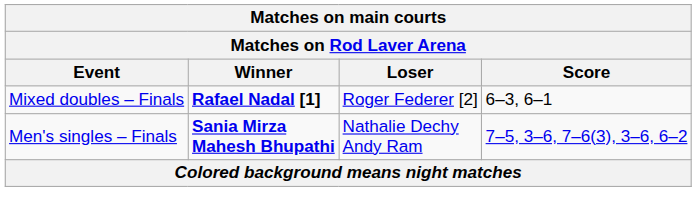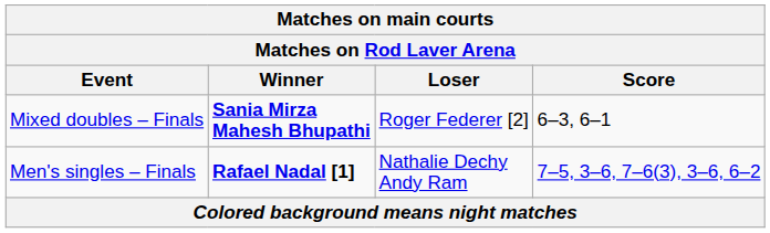 <table class="wikitable collapsible uncollapsed" style="margin:auto;">
 <tr>
 <th colspan=4 style="white-space:nowrap;">Matches on main courts</th>
 </tr>
 <tr>
 <th colspan=4><strong>Matches on <a href='#'>Rod Laver Arena</a></strong></th>
 </tr>
 <tr>
 <th>Event</th>
 <th>Winner</th>
 <th>Loser</th>
 <th>Score</th>
 </tr>
 <tr align=left>
 <td><a href='#'>Mixed doubles – Finals</a></td>
-<td> <strong><a href='#'>Rafael Nadal</a> [1]</strong></td>
+<td> <strong><a href='#'>Sania Mirza</a> <br>  <a href='#'>Mahesh Bhupathi</a></strong></td>
 <td> <a href='#'>Roger Federer</a> [2]</td>
 <td>6–3, 6–1</td>
 </tr>
 <tr align=left>
 <td><a href='#'>Men's singles – Finals</a></td>
-<td> <strong><a href='#'>Sania Mirza</a> <br>  <a href='#'>Mahesh Bhupathi</a></strong></td>
+<td> <strong><a href='#'>Rafael Nadal</a> [1]</strong></td>
 <td> <a href='#'>Nathalie Dechy</a> <br>  <a href='#'>Andy Ram</a></td>
 <td><a href='#'>7–5, 3–6, 7–6(3), 3–6, 6–2</a></td>
 </tr>
 <tr>
 <th colspan=4><em>Colored background means night matches</em></th>
 </tr>
 </table>
